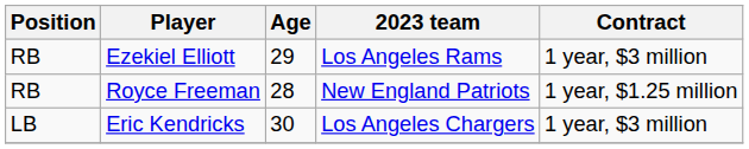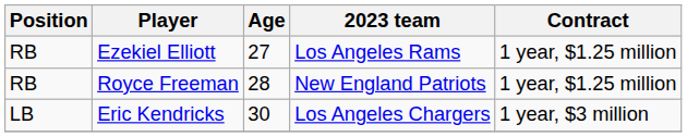 <table class="wikitable">
 <tr>
 <th>Position</th>
 <th>Player</th>
 <th>Age</th>
 <th>2023 team</th>
 <th>Contract</th>
 </tr>
 <tr>
 <td>RB</td>
 <td><a href='#'>Ezekiel Elliott</a></td>
-<td>29</td>
+<td>27</td>
 <td><a href='#'>Los Angeles Rams</a></td>
-<td>1 year, $3 million</td>
+<td>1 year, $1.25 million</td>
 </tr>
 <tr>
 <td>RB</td>
 <td><a href='#'>Royce Freeman</a></td>
 <td>28</td>
 <td><a href='#'>New England Patriots</a></td>
 <td>1 year, $1.25 million</td>
 </tr>
 <tr>
 <td>LB</td>
 <td><a href='#'>Eric Kendricks</a></td>
 <td>30</td>
 <td><a href='#'>Los Angeles Chargers</a></td>
 <td>1 year, $3 million</td>
 </tr>
 <tr>
 </tr>
 </table>
